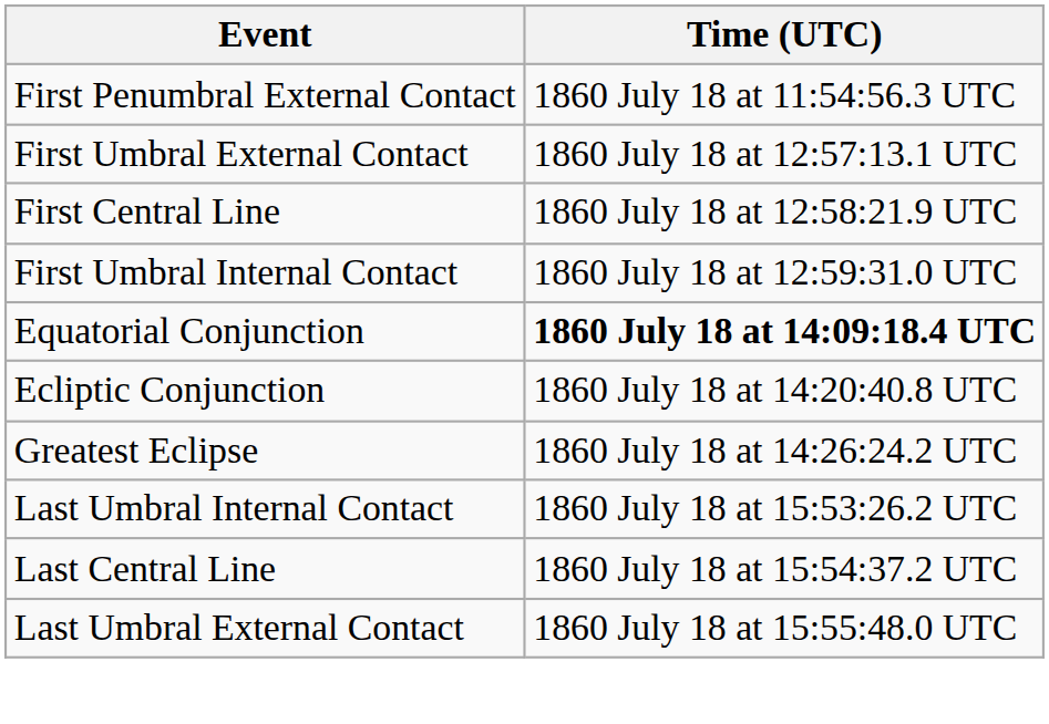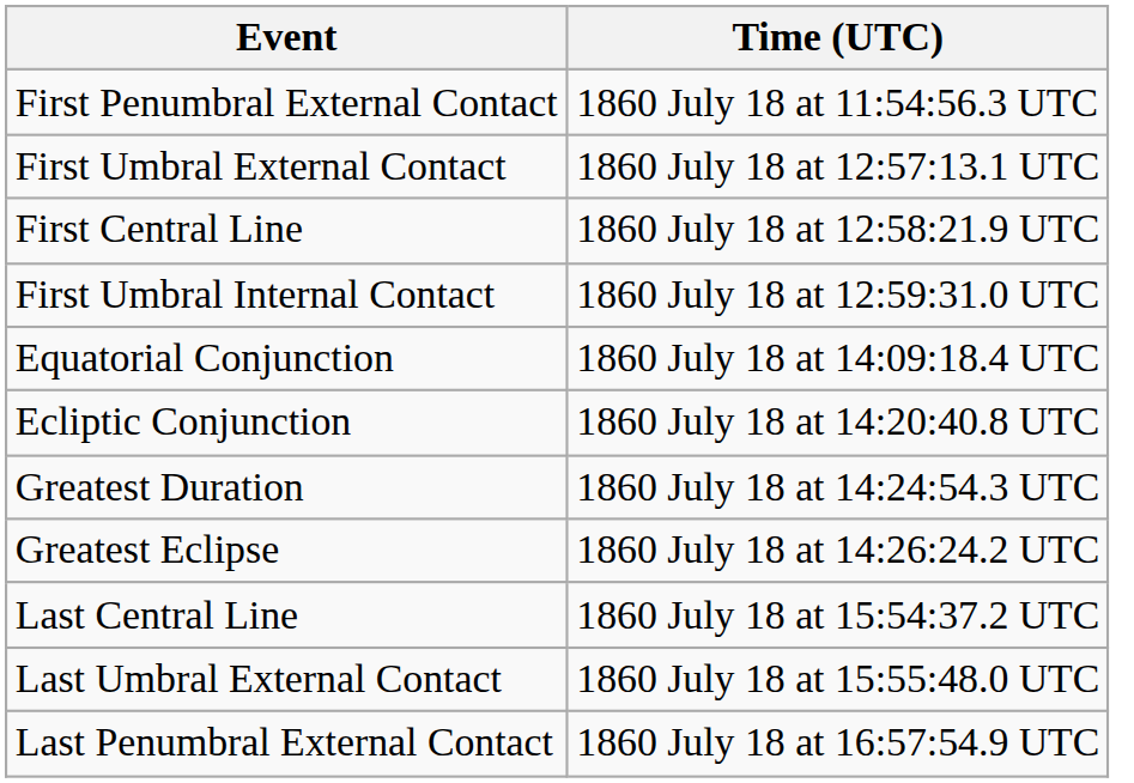 <table class="wikitable">
 <tr>
 <th>Event</th>
 <th>Time (UTC)</th>
 </tr>
 <tr>
 <td>First Penumbral External Contact</td>
 <td>1860 July 18 at 11:54:56.3 UTC</td>
 </tr>
 <tr>
 <td>First Umbral External Contact</td>
 <td>1860 July 18 at 12:57:13.1 UTC</td>
 </tr>
 <tr>
 <td>First Central Line</td>
 <td>1860 July 18 at 12:58:21.9 UTC</td>
 </tr>
 <tr>
 <td>First Umbral Internal Contact</td>
 <td>1860 July 18 at 12:59:31.0 UTC</td>
 </tr>
 <tr>
 <td>Equatorial Conjunction</td>
-<td><strong>1860 July 18 at 14:09:18.4 UTC</strong></td>
+<td>1860 July 18 at 14:09:18.4 UTC</td>
 </tr>
 <tr>
 <td>Ecliptic Conjunction</td>
 <td>1860 July 18 at 14:20:40.8 UTC</td>
 </tr>
 <tr>
+<td>Greatest Duration</td>
+<td>1860 July 18 at 14:24:54.3 UTC</td>
+</tr>
+<tr>
 <td>Greatest Eclipse</td>
 <td>1860 July 18 at 14:26:24.2 UTC</td>
-</tr>
-<tr>
-<td>Last Umbral Internal Contact</td>
-<td>1860 July 18 at 15:53:26.2 UTC</td>
 </tr>
 <tr>
 <td>Last Central Line</td>
 <td>1860 July 18 at 15:54:37.2 UTC</td>
 </tr>
 <tr>
 <td>Last Umbral External Contact</td>
 <td>1860 July 18 at 15:55:48.0 UTC</td>
 </tr>
+<tr>
+<td>Last Penumbral External Contact</td>
+<td>1860 July 18 at 16:57:54.9 UTC</td>
+</tr>
 </table>
